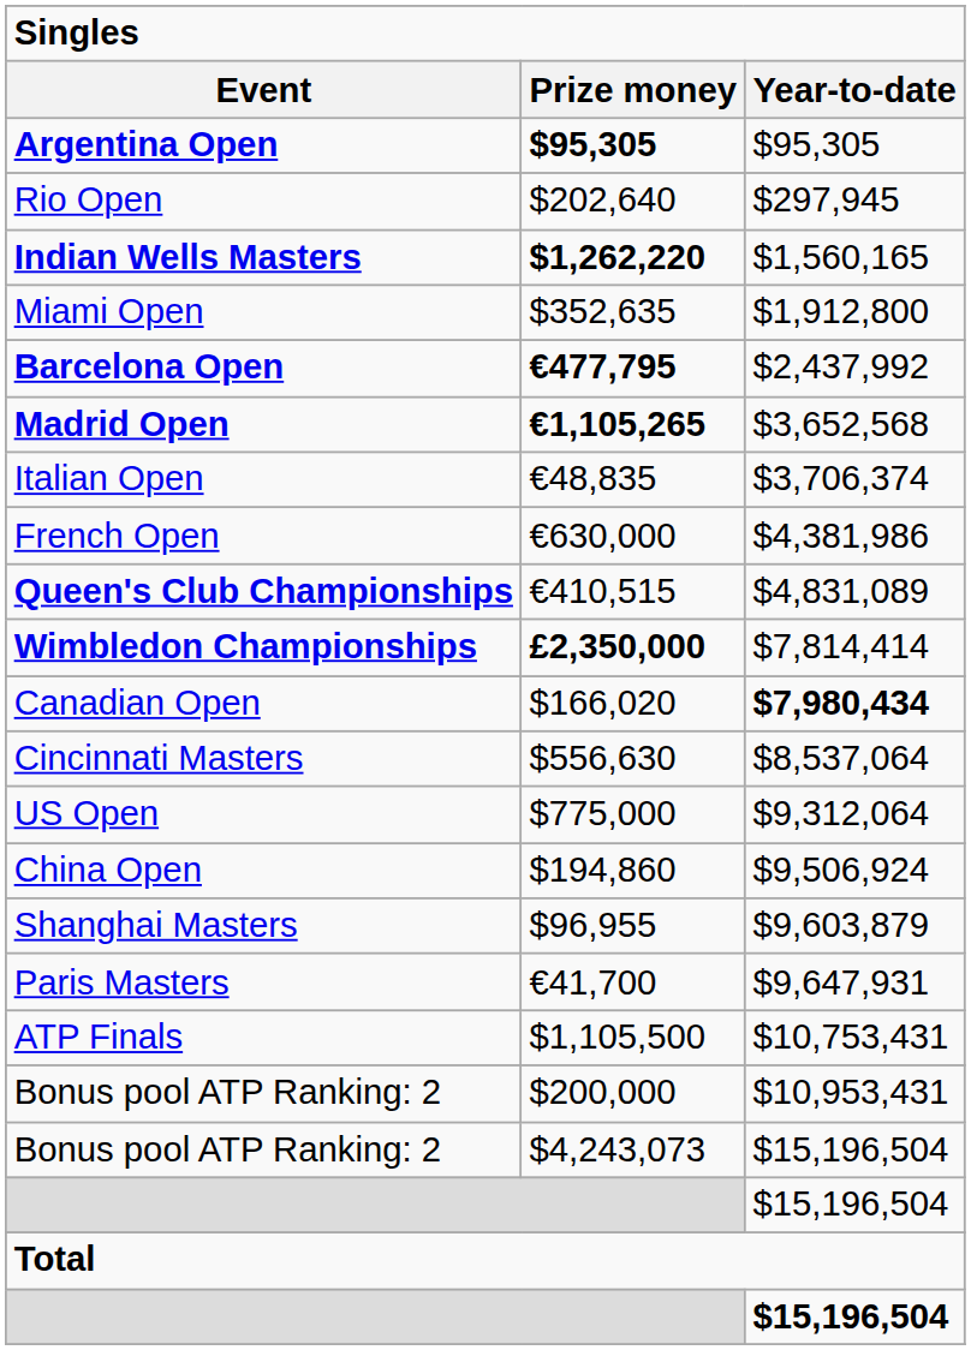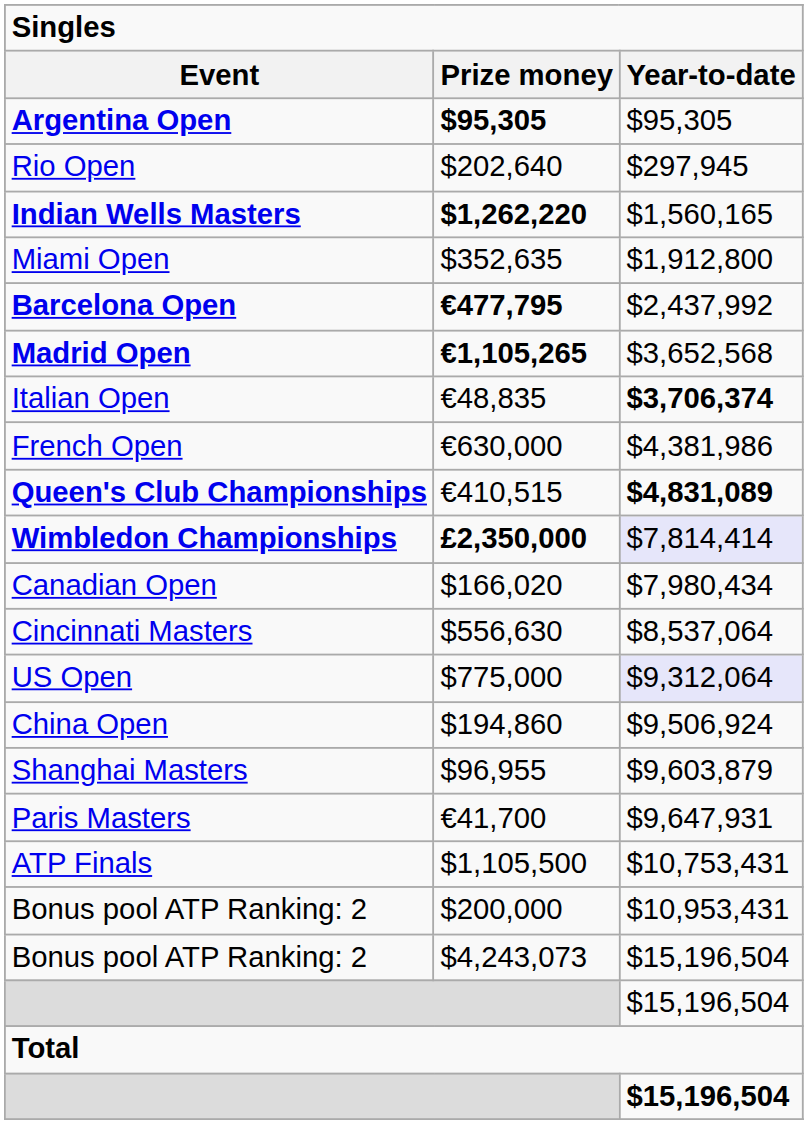 <table class="wikitable sortable">
 <tr>
 <td colspan=3><strong>Singles</strong></td>
 </tr>
 <tr>
 <th>Event</th>
 <th>Prize money</th>
 <th>Year-to-date</th>
 </tr>
 <tr>
 <td><strong><a href='#'>Argentina Open</a></strong></td>
 <td><strong>$95,305</strong></td>
 <td>$95,305</td>
 </tr>
 <tr>
 <td><a href='#'>Rio Open</a></td>
 <td>$202,640</td>
 <td>$297,945</td>
 </tr>
 <tr>
 <td><strong><a href='#'>Indian Wells Masters</a></strong></td>
 <td><strong>$1,262,220</strong></td>
 <td>$1,560,165</td>
 </tr>
 <tr>
 <td><a href='#'>Miami Open</a></td>
 <td>$352,635</td>
 <td>$1,912,800</td>
 </tr>
 <tr>
 <td><strong><a href='#'>Barcelona Open</a></strong></td>
 <td><strong>€477,795</strong></td>
 <td>$2,437,992</td>
 </tr>
 <tr>
 <td><strong><a href='#'>Madrid Open</a></strong></td>
 <td><strong>€1,105,265</strong></td>
 <td>$3,652,568</td>
 </tr>
 <tr>
 <td><a href='#'>Italian Open</a></td>
 <td>€48,835</td>
-<td>$3,706,374</td>
+<td><strong>$3,706,374</strong></td>
 </tr>
 <tr>
 <td><a href='#'>French Open</a></td>
 <td>€630,000</td>
 <td>$4,381,986</td>
 </tr>
 <tr>
 <td><strong><a href='#'>Queen's Club Championships</a></strong></td>
 <td>€410,515</td>
-<td>$4,831,089</td>
+<td><strong>$4,831,089</strong></td>
 </tr>
 <tr>
 <td><strong><a href='#'>Wimbledon Championships</a></strong></td>
 <td><strong>£2,350,000</strong></td>
-<td>$7,814,414</td>
+<td style="background: lavender;">$7,814,414</td>
 </tr>
 <tr>
 <td><a href='#'>Canadian Open</a></td>
 <td>$166,020</td>
-<td><strong>$7,980,434</strong></td>
+<td>$7,980,434</td>
 </tr>
 <tr>
 <td><a href='#'>Cincinnati Masters</a></td>
 <td>$556,630</td>
 <td>$8,537,064</td>
 </tr>
 <tr>
 <td><a href='#'>US Open</a></td>
 <td>$775,000</td>
-<td>$9,312,064</td>
+<td style="background: lavender;">$9,312,064</td>
 </tr>
 <tr>
 <td><a href='#'>China Open</a></td>
 <td>$194,860</td>
 <td>$9,506,924</td>
 </tr>
 <tr>
 <td><a href='#'>Shanghai Masters</a></td>
 <td>$96,955</td>
 <td>$9,603,879</td>
 </tr>
 <tr>
 <td><a href='#'>Paris Masters</a></td>
 <td>€41,700</td>
 <td>$9,647,931</td>
 </tr>
 <tr>
 <td><a href='#'>ATP Finals</a></td>
 <td>$1,105,500</td>
 <td>$10,753,431</td>
 </tr>
 <tr>
 <td>Bonus pool ATP Ranking: 2</td>
 <td>$200,000</td>
 <td>$10,953,431</td>
 </tr>
 <tr>
 <td>Bonus pool ATP Ranking: 2</td>
 <td>$4,243,073</td>
 <td>$15,196,504</td>
 </tr>
 <tr class="sortbottom">
 <td colspan=2 bgcolor=#DCDCDC></td>
 <td>$15,196,504</td>
 </tr>
 <tr>
 <td colspan=3><strong>Total</strong></td>
 </tr>
 <tr class="sortbottom">
 <td colspan=2 bgcolor=#DCDCDC></td>
 <td><strong>$15,196,504</strong></td>
 </tr>
 <tr>
 </tr>
 </table>
